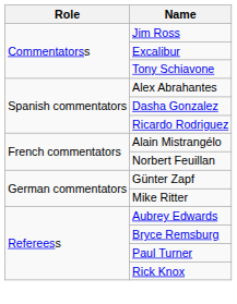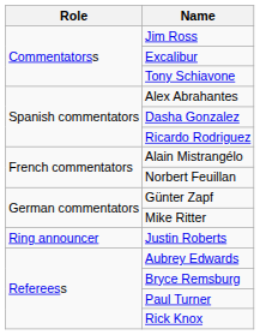 <table class=wikitable style="font-size:90%; margin: 0.5em 0 0.5em 1em; float: right; clear: right;">
 <tr>
 <th>Role</th>
 <th>Name</th>
 </tr>
 <tr>
 <td rowspan=3><a href='#'>Commentators</a>s</td>
 <td><a href='#'>Jim Ross</a> </td>
 </tr>
 <tr>
 <td><a href='#'>Excalibur</a> </td>
 </tr>
 <tr>
 <td><a href='#'>Tony Schiavone</a> </td>
 </tr>
 <tr>
 <td rowspan=3>Spanish commentators</td>
 <td>Alex Abrahantes</td>
 </tr>
 <tr>
 <td><a href='#'>Dasha Gonzalez</a></td>
 </tr>
 <tr>
 <td><a href='#'>Ricardo Rodriguez</a></td>
 </tr>
 <tr>
 <td rowspan=2>French commentators</td>
 <td>Alain Mistrangélo</td>
 </tr>
 <tr>
 <td>Norbert Feuillan</td>
 </tr>
 <tr>
 <td rowspan=2>German commentators</td>
 <td>Günter Zapf</td>
 </tr>
 <tr>
 <td>Mike Ritter</td>
 </tr>
 <tr>
+<td rowspan=1><a href='#'>Ring announcer</a></td>
+<td><a href='#'>Justin Roberts</a></td>
+</tr>
+<tr>
 <td rowspan=4><a href='#'>Referees</a>s</td>
 <td><a href='#'>Aubrey Edwards</a></td>
 </tr>
 <tr>
 <td><a href='#'>Bryce Remsburg</a></td>
 </tr>
 <tr>
 <td><a href='#'>Paul Turner</a></td>
 </tr>
 <tr>
 <td><a href='#'>Rick Knox</a></td>
 </tr>
 </table>
